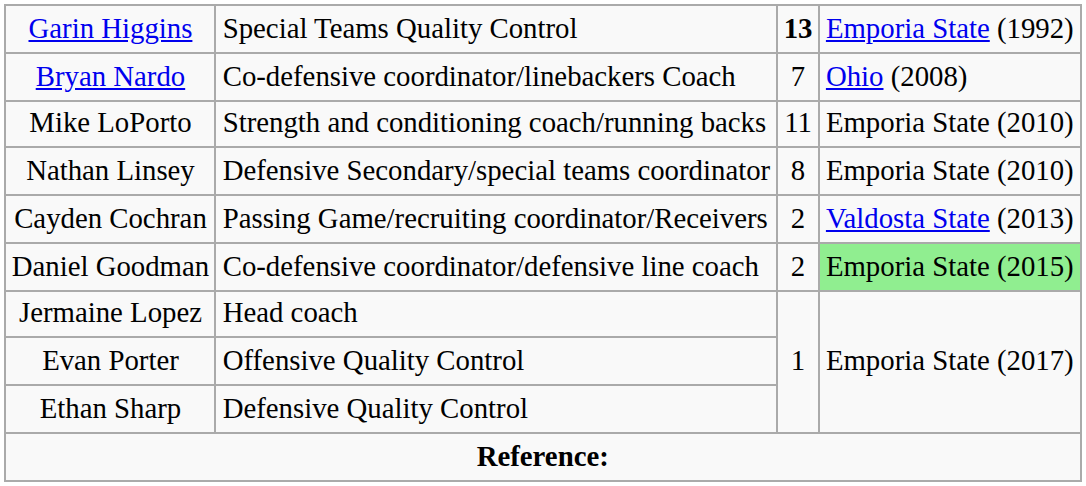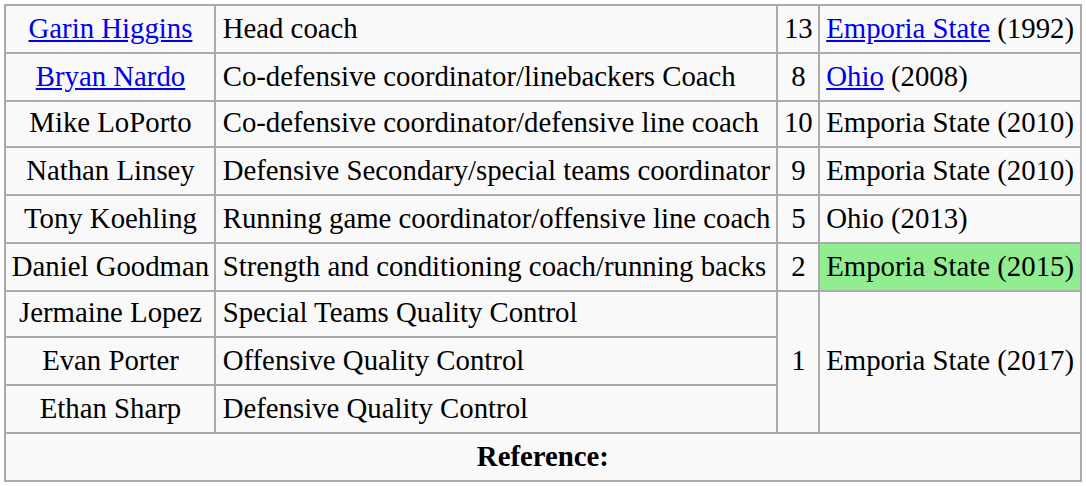 <table class="wikitable" style="font-size:90%">
 <tr>
 </tr>
 <tr>
 <td style="text-align:center"><a href='#'>Garin Higgins</a></td>
-<td>Special Teams Quality Control</td>
-<td style="text-align:center"><strong>13</strong></td>
+<td>Head coach</td>
+<td style="text-align:center">13</td>
 <td><a href='#'>Emporia State</a> (1992)</td>
 </tr>
 <tr>
 <td style="text-align:center"><a href='#'>Bryan Nardo</a></td>
 <td>Co-defensive coordinator/linebackers Coach</td>
-<td style="text-align:center">7</td>
+<td style="text-align:center">8</td>
 <td><a href='#'>Ohio</a> (2008)</td>
 </tr>
 <tr>
 <td style="text-align:center">Mike LoPorto</td>
-<td>Strength and conditioning coach/running backs</td>
-<td style="text-align:center">11</td>
+<td>Co-defensive coordinator/defensive line coach</td>
+<td style="text-align:center">10</td>
 <td>Emporia State (2010)</td>
 </tr>
 <tr>
 <td style="text-align:center">Nathan Linsey</td>
 <td>Defensive Secondary/special teams coordinator</td>
-<td style="text-align:center">8</td>
+<td style="text-align:center">9</td>
 <td>Emporia State (2010)</td>
 </tr>
 <tr>
-<td style="text-align:center">Cayden Cochran</td>
-<td>Passing Game/recruiting coordinator/Receivers</td>
-<td style="text-align:center">2</td>
-<td><a href='#'>Valdosta State</a> (2013)</td>
+<td style="text-align:center">Tony Koehling</td>
+<td>Running game coordinator/offensive line coach</td>
+<td style="text-align:center">5</td>
+<td>Ohio (2013)</td>
 </tr>
 <tr>
 <td style="text-align:center">Daniel Goodman</td>
-<td>Co-defensive coordinator/defensive line coach</td>
+<td>Strength and conditioning coach/running backs</td>
 <td style="text-align:center">2</td>
 <td style="background: lightgreen;">Emporia State (2015)</td>
 </tr>
 <tr>
 <td style="text-align:center">Jermaine Lopez</td>
-<td>Head coach</td>
+<td>Special Teams Quality Control</td>
 <td style="text-align:center" rowspan="3">1</td>
 <td rowspan="3">Emporia State (2017)</td>
 </tr>
 <tr>
 <td style="text-align:center">Evan Porter</td>
 <td>Offensive Quality Control</td>
 </tr>
 <tr>
 <td style="text-align:center">Ethan Sharp</td>
 <td>Defensive Quality Control</td>
 </tr>
 <tr style="text-align:center;">
 <td colspan=4><strong>Reference:</strong></td>
 </tr>
 </table>
